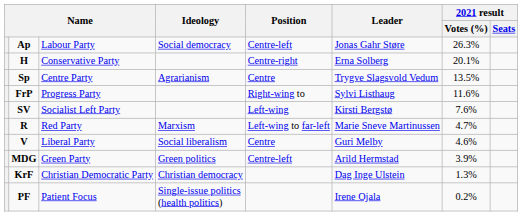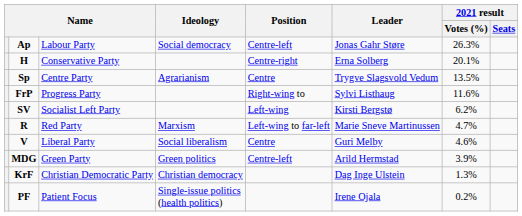 <table class="wikitable">
 <tr>
 <th rowspan=2 colspan=3 width=225px>Name</th>
 <th rowspan=2>Ideology</th>
 <th rowspan=2>Position</th>
 <th rowspan=2>Leader</th>
 <th colspan=2><a href='#'>2021</a> result</th>
 </tr>
 <tr>
 <th>Votes (%)</th>
 <th><a href='#'>Seats</a></th>
 </tr>
 <tr>
 <th style="background:"></th>
 <td align=center><strong>Ap</strong></td>
 <td><a href='#'>Labour Party</a><br><small></small></td>
 <td><a href='#'>Social democracy</a></td>
 <td><a href='#'>Centre-left</a></td>
 <td><a href='#'>Jonas Gahr Støre</a></td>
 <td align=center>26.3%</td>
 <td></td>
 </tr>
 <tr>
 <th style="background:"></th>
 <td align=center><strong>H</strong></td>
 <td><a href='#'>Conservative Party</a><br><small></small></td>
 <td></td>
 <td><a href='#'>Centre-right</a></td>
 <td><a href='#'>Erna Solberg</a></td>
 <td align=center>20.1%</td>
 <td></td>
 </tr>
 <tr>
 <th style="background:"></th>
 <td align=center><strong>Sp</strong></td>
 <td><a href='#'>Centre Party</a><br><small></small></td>
 <td><a href='#'>Agrarianism</a></td>
 <td><a href='#'>Centre</a></td>
 <td><a href='#'>Trygve Slagsvold Vedum</a></td>
 <td align=center>13.5%</td>
 <td></td>
 </tr>
 <tr>
 <th style="background:"></th>
 <td align=center><strong>FrP</strong></td>
 <td><a href='#'>Progress Party</a><br><small></small></td>
 <td></td>
 <td><a href='#'>Right-wing</a> to </td>
 <td><a href='#'>Sylvi Listhaug</a></td>
 <td align=center>11.6%</td>
 <td></td>
 </tr>
 <tr>
 <th style="background:"></th>
 <td align=center><strong>SV</strong></td>
 <td><a href='#'>Socialist Left Party</a><br><small></small></td>
 <td></td>
 <td><a href='#'>Left-wing</a></td>
 <td><a href='#'>Kirsti Bergstø</a></td>
-<td align=center>7.6%</td>
+<td align=center>6.2%</td>
 <td></td>
 </tr>
 <tr>
 <th style="background:"></th>
 <td align=center><strong>R</strong></td>
 <td><a href='#'>Red Party</a><br><small></small></td>
 <td><a href='#'>Marxism</a></td>
 <td><a href='#'>Left-wing</a> to <a href='#'>far-left</a></td>
 <td><a href='#'>Marie Sneve Martinussen</a></td>
 <td align=center>4.7%</td>
 <td></td>
 </tr>
 <tr>
 <th style="background:"></th>
 <td align=center><strong>V</strong></td>
 <td><a href='#'>Liberal Party</a><br><small></small></td>
 <td><a href='#'>Social liberalism</a></td>
 <td><a href='#'>Centre</a></td>
 <td><a href='#'>Guri Melby</a></td>
 <td align=center>4.6%</td>
 <td></td>
 </tr>
 <tr>
 <th style="background:"></th>
 <td align=center><strong>MDG</strong></td>
 <td><a href='#'>Green Party</a><br><small></small></td>
 <td><a href='#'>Green politics</a></td>
 <td><a href='#'>Centre-left</a></td>
 <td><a href='#'>Arild Hermstad</a></td>
 <td align=center>3.9%</td>
 <td></td>
 </tr>
 <tr>
 <th style="background:"></th>
 <td align=center><strong>KrF</strong></td>
 <td><a href='#'>Christian Democratic Party</a><br><small></small></td>
 <td><a href='#'>Christian democracy</a></td>
 <td></td>
 <td><a href='#'>Dag Inge Ulstein</a></td>
 <td align=center>1.3%</td>
 <td></td>
 </tr>
 <tr>
 <th style="background:"></th>
 <td align=center><strong>PF</strong></td>
 <td><a href='#'>Patient Focus</a><br><small></small></td>
 <td><a href='#'>Single-issue politics</a><br>(<a href='#'>health politics</a>)</td>
 <td></td>
 <td><a href='#'>Irene Ojala</a></td>
 <td align=center>0.2%</td>
 <td></td>
 </tr>
 </table>
